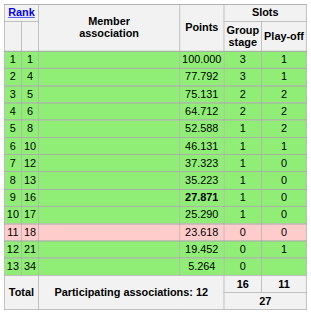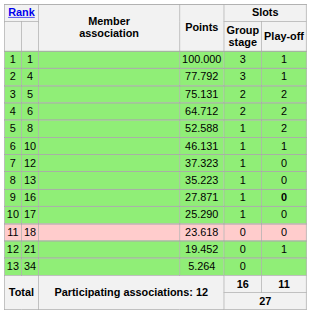 <table class="wikitable" style="text-align:center">
 <tr>
 </tr>
 <tr>
 <th colspan=2 rowspan=2><a href='#'>Rank</a></th>
 <th rowspan=3 width=200>Member<br>association</th>
 <th rowspan=3>Points</th>
 <th colspan=4>Slots</th>
 </tr>
 <tr>
 <th rowspan=2>Group<br>stage</th>
 <th rowspan=2>Play-off</th>
 </tr>
 <tr>
 <th></th>
 <th></th>
 </tr>
 <tr>
 </tr>
 <tr>
 </tr>
 <tr bgcolor=#90ee77>
 <td>1</td>
 <td>1</td>
 <td align=left></td>
 <td>100.000</td>
 <td>3</td>
 <td>1</td>
 </tr>
 <tr>
 </tr>
 <tr bgcolor=#90ee77>
 <td>2</td>
 <td>4</td>
 <td align=left></td>
 <td>77.792</td>
 <td>3</td>
 <td>1</td>
 </tr>
 <tr>
 </tr>
 <tr bgcolor=#90ee77>
 <td>3</td>
 <td>5</td>
 <td align=left></td>
 <td>75.131</td>
 <td>2</td>
 <td>2</td>
 </tr>
 <tr>
 </tr>
 <tr bgcolor=#90ee77>
 <td>4</td>
 <td>6</td>
 <td align=left></td>
 <td>64.712</td>
 <td>2</td>
 <td>2</td>
 </tr>
 <tr>
 </tr>
 <tr bgcolor=#90ee77>
 <td>5</td>
 <td>8</td>
 <td align=left></td>
 <td>52.588</td>
 <td>1</td>
 <td>2</td>
 </tr>
 <tr>
 </tr>
 <tr bgcolor=#90ee77>
 <td>6</td>
 <td>10</td>
 <td align=left></td>
 <td>46.131</td>
 <td>1</td>
 <td>1</td>
 </tr>
 <tr>
 </tr>
 <tr bgcolor=#90ee77>
 <td>7</td>
 <td>12</td>
 <td align=left></td>
 <td>37.323</td>
 <td>1</td>
 <td>0</td>
 </tr>
 <tr>
 </tr>
 <tr bgcolor=#90ee77>
 <td>8</td>
 <td>13</td>
 <td align=left></td>
 <td>35.223</td>
 <td>1</td>
 <td>0</td>
 </tr>
 <tr>
 </tr>
 <tr bgcolor=#90ee77>
 <td>9</td>
 <td>16</td>
 <td align=left></td>
-<td><strong>27.871</strong></td>
+<td>27.871</td>
 <td>1</td>
-<td>0</td>
+<td><strong>0</strong></td>
 </tr>
 <tr>
 </tr>
 <tr bgcolor=#90ee77>
 <td>10</td>
 <td>17</td>
 <td align=left></td>
 <td>25.290</td>
 <td>1</td>
 <td>0</td>
 </tr>
 <tr>
 </tr>
 <tr bgcolor=#ffcccc>
 <td>11</td>
 <td>18</td>
 <td align=left></td>
 <td>23.618</td>
 <td>0</td>
 <td>0</td>
 </tr>
 <tr>
 </tr>
 <tr bgcolor=#90ee77>
 <td>12</td>
 <td>21</td>
 <td align=left></td>
 <td>19.452</td>
 <td>0</td>
 <td>1</td>
 </tr>
 <tr>
 </tr>
 <tr bgcolor=#90ee77>
 <td>13</td>
 <td>34</td>
 <td align=left></td>
 <td>5.264</td>
 <td>0</td>
 <td></td>
 </tr>
 <tr>
 <th colspan=2 rowspan=2>Total</th>
 <th colspan=2 rowspan=2>Participating associations: 12</th>
 <th>16</th>
 <th>11</th>
 </tr>
 <tr>
 <th colspan=3>27</th>
 </tr>
 </table>
